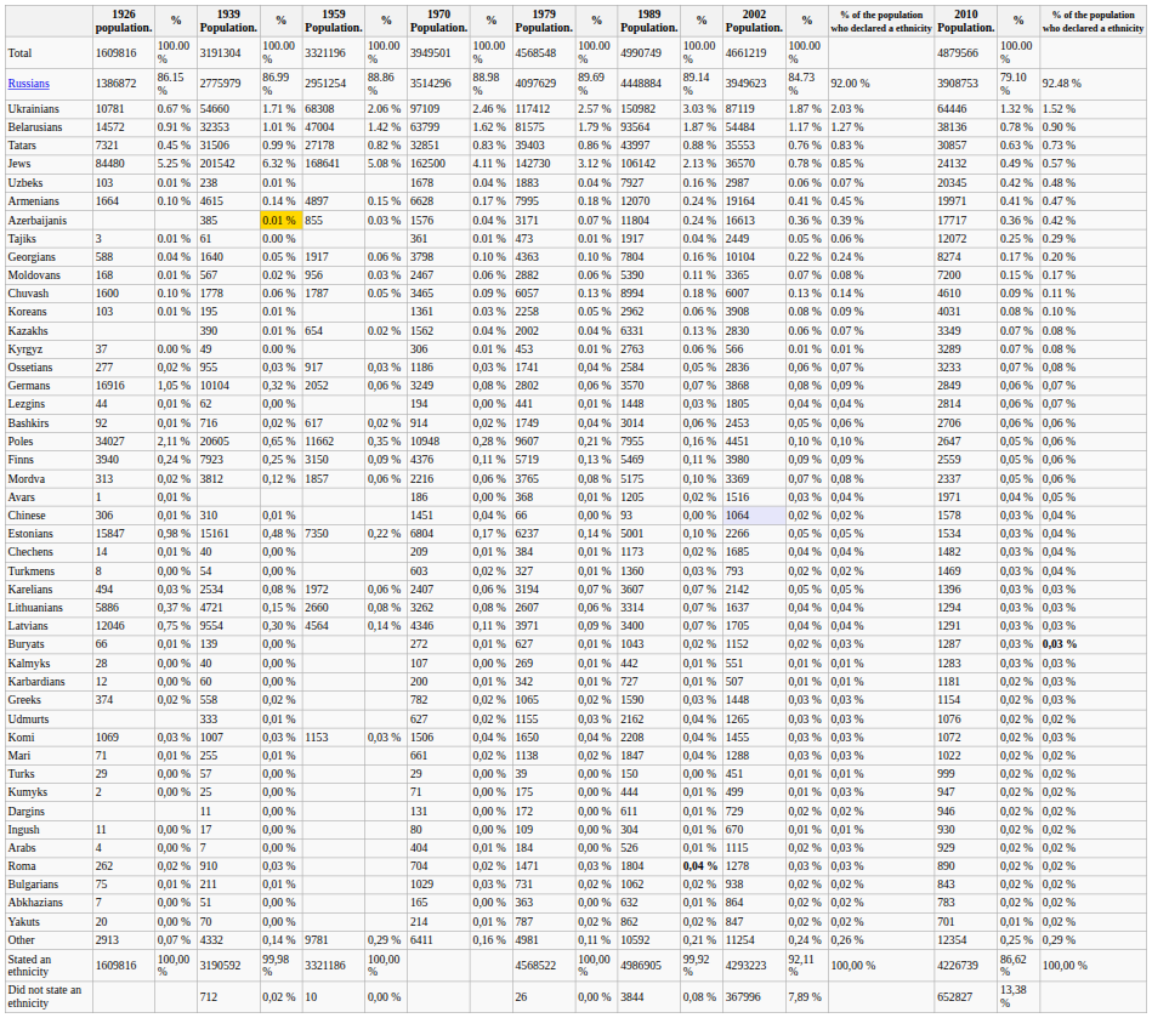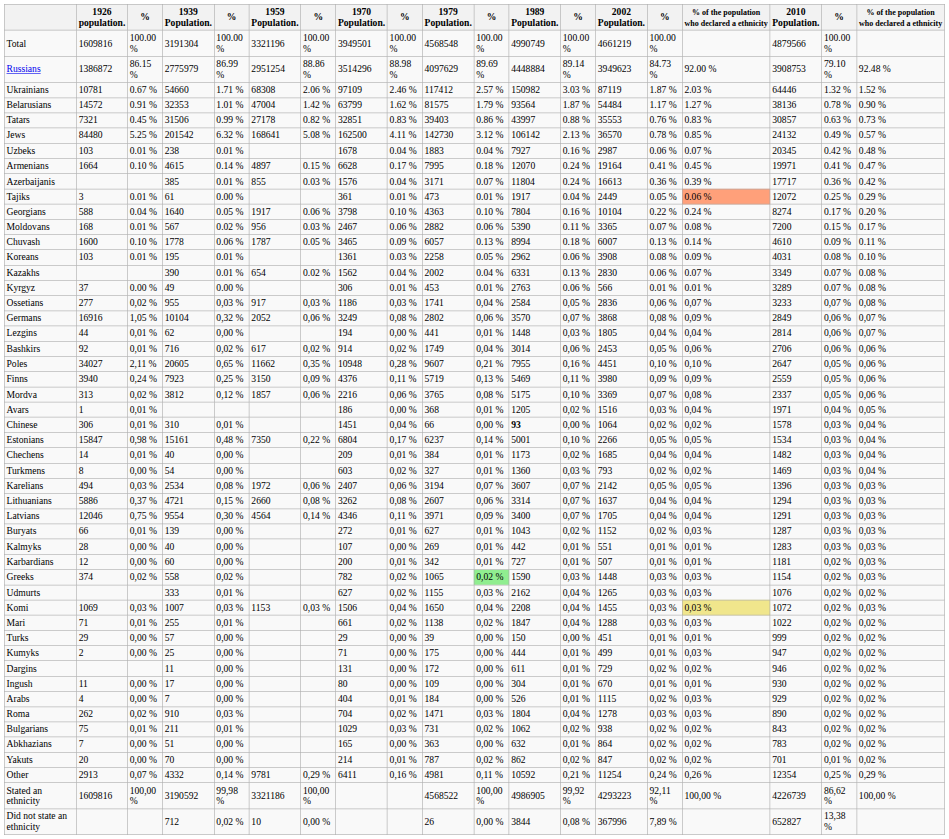 <table class="wikitable mw-collapsible mw-collapsed">
 <tr>
 <th></th>
 <th>1926<br> population.</th>
 <th>%</th>
 <th>1939<br> Population.</th>
 <th>%</th>
 <th>1959<br> Population.</th>
 <th>%</th>
 <th>1970<br> Population.</th>
 <th>%</th>
 <th>1979<br> Population.</th>
 <th>%</th>
 <th>1989<br>  Population.</th>
 <th>%</th>
 <th>2002<br> Population.</th>
 <th>%</th>
 <th><small>% of the population who declared a ethnicity</small></th>
 <th>2010<br>  Population.</th>
 <th>%</th>
 <th><small>% of the population who declared a ethnicity</small></th>
 </tr>
 <tr>
 <td>Total</td>
 <td>1609816</td>
 <td>100.00 %</td>
 <td>3191304</td>
 <td>100.00 %</td>
 <td>3321196</td>
 <td>100.00 %</td>
 <td>3949501</td>
 <td>100.00 %</td>
 <td>4568548</td>
 <td>100.00 %</td>
 <td>4990749</td>
 <td>100.00 %</td>
 <td>4661219</td>
 <td>100.00 %</td>
 <td></td>
 <td>4879566</td>
 <td>100.00 %</td>
 <td></td>
 </tr>
 <tr>
 <td><a href='#'>Russians</a></td>
 <td>1386872</td>
 <td>86.15 %</td>
 <td>2775979</td>
 <td>86.99 %</td>
 <td>2951254</td>
 <td>88.86 %</td>
 <td>3514296</td>
 <td>88.98 %</td>
 <td>4097629</td>
 <td>89.69 %</td>
 <td>4448884</td>
 <td>89.14 %</td>
 <td>3949623</td>
 <td>84.73 %</td>
 <td>92.00 %</td>
 <td>3908753</td>
 <td>79.10 %</td>
 <td>92.48 %</td>
 </tr>
 <tr>
 <td>Ukrainians</td>
 <td>10781</td>
 <td>0.67 %</td>
 <td>54660</td>
 <td>1.71 %</td>
 <td>68308</td>
 <td>2.06 %</td>
 <td>97109</td>
 <td>2.46 %</td>
 <td>117412</td>
 <td>2.57 %</td>
 <td>150982</td>
 <td>3.03 %</td>
 <td>87119</td>
 <td>1.87 %</td>
 <td>2.03 %</td>
 <td>64446</td>
 <td>1.32 %</td>
 <td>1.52 %</td>
 </tr>
 <tr>
 <td>Belarusians</td>
 <td>14572</td>
 <td>0.91 %</td>
 <td>32353</td>
 <td>1.01 %</td>
 <td>47004</td>
 <td>1.42 %</td>
 <td>63799</td>
 <td>1.62 %</td>
 <td>81575</td>
 <td>1.79 %</td>
 <td>93564</td>
 <td>1.87 %</td>
 <td>54484</td>
 <td>1.17 %</td>
 <td>1.27 %</td>
 <td>38136</td>
 <td>0.78 %</td>
 <td>0.90 %</td>
 </tr>
 <tr>
 <td>Tatars</td>
 <td>7321</td>
 <td>0.45 %</td>
 <td>31506</td>
 <td>0.99 %</td>
 <td>27178</td>
 <td>0.82 %</td>
 <td>32851</td>
 <td>0.83 %</td>
 <td>39403</td>
 <td>0.86 %</td>
 <td>43997</td>
 <td>0.88 %</td>
 <td>35553</td>
 <td>0.76 %</td>
 <td>0.83 %</td>
 <td>30857</td>
 <td>0.63 %</td>
 <td>0.73 %</td>
 </tr>
 <tr>
 <td>Jews</td>
 <td>84480</td>
 <td>5.25 %</td>
 <td>201542</td>
 <td>6.32 %</td>
 <td>168641</td>
 <td>5.08 %</td>
 <td>162500</td>
 <td>4.11 %</td>
 <td>142730</td>
 <td>3.12 %</td>
 <td>106142</td>
 <td>2.13 %</td>
 <td>36570</td>
 <td>0.78 %</td>
 <td>0.85 %</td>
 <td>24132</td>
 <td>0.49 %</td>
 <td>0.57 %</td>
 </tr>
 <tr>
 <td>Uzbeks</td>
 <td>103</td>
 <td>0.01 %</td>
 <td>238</td>
 <td>0.01 %</td>
 <td></td>
 <td></td>
 <td>1678</td>
 <td>0.04 %</td>
 <td>1883</td>
 <td>0.04 %</td>
 <td>7927</td>
 <td>0.16 %</td>
 <td>2987</td>
 <td>0.06 %</td>
 <td>0.07 %</td>
 <td>20345</td>
 <td>0.42 %</td>
 <td>0.48 %</td>
 </tr>
 <tr>
 <td>Armenians</td>
 <td>1664</td>
 <td>0.10 %</td>
 <td>4615</td>
 <td>0.14 %</td>
 <td>4897</td>
 <td>0.15 %</td>
 <td>6628</td>
 <td>0.17 %</td>
 <td>7995</td>
 <td>0.18 %</td>
 <td>12070</td>
 <td>0.24 %</td>
 <td>19164</td>
 <td>0.41 %</td>
 <td>0.45 %</td>
 <td>19971</td>
 <td>0.41 %</td>
 <td>0.47 %</td>
 </tr>
 <tr>
 <td>Azerbaijanis</td>
 <td></td>
 <td></td>
 <td>385</td>
-<td style="background: gold;">0.01 %</td>
+<td>0.01 %</td>
 <td>855</td>
 <td>0.03 %</td>
 <td>1576</td>
 <td>0.04 %</td>
 <td>3171</td>
 <td>0.07 %</td>
 <td>11804</td>
 <td>0.24 %</td>
 <td>16613</td>
 <td>0.36 %</td>
 <td>0.39 %</td>
 <td>17717</td>
 <td>0.36 %</td>
 <td>0.42 %</td>
 </tr>
 <tr>
 <td>Tajiks</td>
 <td>3</td>
 <td>0.01 %</td>
 <td>61</td>
 <td>0.00 %</td>
 <td></td>
 <td></td>
 <td>361</td>
 <td>0.01 %</td>
 <td>473</td>
 <td>0.01 %</td>
 <td>1917</td>
 <td>0.04 %</td>
 <td>2449</td>
 <td>0.05 %</td>
-<td>0.06 %</td>
+<td style="background: lightsalmon;">0.06 %</td>
 <td>12072</td>
 <td>0.25 %</td>
 <td>0.29 %</td>
 </tr>
 <tr>
 <td>Georgians</td>
 <td>588</td>
 <td>0.04 %</td>
 <td>1640</td>
 <td>0.05 %</td>
 <td>1917</td>
 <td>0.06 %</td>
 <td>3798</td>
 <td>0.10 %</td>
 <td>4363</td>
 <td>0.10 %</td>
 <td>7804</td>
 <td>0.16 %</td>
 <td>10104</td>
 <td>0.22 %</td>
 <td>0.24 %</td>
 <td>8274</td>
 <td>0.17 %</td>
 <td>0.20 %</td>
 </tr>
 <tr>
 <td>Moldovans</td>
 <td>168</td>
 <td>0.01 %</td>
 <td>567</td>
 <td>0.02 %</td>
 <td>956</td>
 <td>0.03 %</td>
 <td>2467</td>
 <td>0.06 %</td>
 <td>2882</td>
 <td>0.06 %</td>
 <td>5390</td>
 <td>0.11 %</td>
 <td>3365</td>
 <td>0.07 %</td>
 <td>0.08 %</td>
 <td>7200</td>
 <td>0.15 %</td>
 <td>0.17 %</td>
 </tr>
 <tr>
 <td>Chuvash</td>
 <td>1600</td>
 <td>0.10 %</td>
 <td>1778</td>
 <td>0.06 %</td>
 <td>1787</td>
 <td>0.05 %</td>
 <td>3465</td>
 <td>0.09 %</td>
 <td>6057</td>
 <td>0.13 %</td>
 <td>8994</td>
 <td>0.18 %</td>
 <td>6007</td>
 <td>0.13 %</td>
 <td>0.14 %</td>
 <td>4610</td>
 <td>0.09 %</td>
 <td>0.11 %</td>
 </tr>
 <tr>
 <td>Koreans</td>
 <td>103</td>
 <td>0.01 %</td>
 <td>195</td>
 <td>0.01 %</td>
 <td></td>
 <td></td>
 <td>1361</td>
 <td>0.03 %</td>
 <td>2258</td>
 <td>0.05 %</td>
 <td>2962</td>
 <td>0.06 %</td>
 <td>3908</td>
 <td>0.08 %</td>
 <td>0.09 %</td>
 <td>4031</td>
 <td>0.08 %</td>
 <td>0.10 %</td>
 </tr>
 <tr>
 <td>Kazakhs</td>
 <td></td>
 <td></td>
 <td>390</td>
 <td>0.01 %</td>
 <td>654</td>
 <td>0.02 %</td>
 <td>1562</td>
 <td>0.04 %</td>
 <td>2002</td>
 <td>0.04 %</td>
 <td>6331</td>
 <td>0.13 %</td>
 <td>2830</td>
 <td>0.06 %</td>
 <td>0.07 %</td>
 <td>3349</td>
 <td>0.07 %</td>
 <td>0.08 %</td>
 </tr>
 <tr>
 <td>Kyrgyz</td>
 <td>37</td>
 <td>0.00 %</td>
 <td>49</td>
 <td>0.00 %</td>
 <td></td>
 <td></td>
 <td>306</td>
 <td>0.01 %</td>
 <td>453</td>
 <td>0.01 %</td>
 <td>2763</td>
 <td>0.06 %</td>
 <td>566</td>
 <td>0.01 %</td>
 <td>0.01 %</td>
 <td>3289</td>
 <td>0.07 %</td>
 <td>0.08 %</td>
 </tr>
 <tr>
 <td>Ossetians</td>
 <td>277</td>
 <td>0,02 %</td>
 <td>955</td>
 <td>0,03 %</td>
 <td>917</td>
 <td>0,03 %</td>
 <td>1186</td>
 <td>0,03 %</td>
 <td>1741</td>
 <td>0,04 %</td>
 <td>2584</td>
 <td>0,05 %</td>
 <td>2836</td>
 <td>0,06 %</td>
 <td>0,07 %</td>
 <td>3233</td>
 <td>0,07 %</td>
 <td>0,08 %</td>
 </tr>
 <tr>
 <td>Germans</td>
 <td>16916</td>
 <td>1,05 %</td>
 <td>10104</td>
 <td>0,32 %</td>
 <td>2052</td>
 <td>0,06 %</td>
 <td>3249</td>
 <td>0,08 %</td>
 <td>2802</td>
 <td>0,06 %</td>
 <td>3570</td>
 <td>0,07 %</td>
 <td>3868</td>
 <td>0,08 %</td>
 <td>0,09 %</td>
 <td>2849</td>
 <td>0,06 %</td>
 <td>0,07 %</td>
 </tr>
 <tr>
 <td>Lezgins</td>
 <td>44</td>
 <td>0,01 %</td>
 <td>62</td>
 <td>0,00 %</td>
 <td></td>
 <td></td>
 <td>194</td>
 <td>0,00 %</td>
 <td>441</td>
 <td>0,01 %</td>
 <td>1448</td>
 <td>0,03 %</td>
 <td>1805</td>
 <td>0,04 %</td>
 <td>0,04 %</td>
 <td>2814</td>
 <td>0,06 %</td>
 <td>0,07 %</td>
 </tr>
 <tr>
 <td>Bashkirs</td>
 <td>92</td>
 <td>0,01 %</td>
 <td>716</td>
 <td>0,02 %</td>
 <td>617</td>
 <td>0,02 %</td>
 <td>914</td>
 <td>0,02 %</td>
 <td>1749</td>
 <td>0,04 %</td>
 <td>3014</td>
 <td>0,06 %</td>
 <td>2453</td>
 <td>0,05 %</td>
 <td>0,06 %</td>
 <td>2706</td>
 <td>0,06 %</td>
 <td>0,06 %</td>
 </tr>
 <tr>
 <td>Poles</td>
 <td>34027</td>
 <td>2,11 %</td>
 <td>20605</td>
 <td>0,65 %</td>
 <td>11662</td>
 <td>0,35 %</td>
 <td>10948</td>
 <td>0,28 %</td>
 <td>9607</td>
 <td>0,21 %</td>
 <td>7955</td>
 <td>0,16 %</td>
 <td>4451</td>
 <td>0,10 %</td>
 <td>0,10 %</td>
 <td>2647</td>
 <td>0,05 %</td>
 <td>0,06 %</td>
 </tr>
 <tr>
 <td>Finns</td>
 <td>3940</td>
 <td>0,24 %</td>
 <td>7923</td>
 <td>0,25 %</td>
 <td>3150</td>
 <td>0,09 %</td>
 <td>4376</td>
 <td>0,11 %</td>
 <td>5719</td>
 <td>0,13 %</td>
 <td>5469</td>
 <td>0,11 %</td>
 <td>3980</td>
 <td>0,09 %</td>
 <td>0,09 %</td>
 <td>2559</td>
 <td>0,05 %</td>
 <td>0,06 %</td>
 </tr>
 <tr>
 <td>Mordva</td>
 <td>313</td>
 <td>0,02 %</td>
 <td>3812</td>
 <td>0,12 %</td>
 <td>1857</td>
 <td>0,06 %</td>
 <td>2216</td>
 <td>0,06 %</td>
 <td>3765</td>
 <td>0,08 %</td>
 <td>5175</td>
 <td>0,10 %</td>
 <td>3369</td>
 <td>0,07 %</td>
 <td>0,08 %</td>
 <td>2337</td>
 <td>0,05 %</td>
 <td>0,06 %</td>
 </tr>
 <tr>
 <td>Avars</td>
 <td>1</td>
 <td>0,01 %</td>
 <td></td>
 <td></td>
 <td></td>
 <td></td>
 <td>186</td>
 <td>0,00 %</td>
 <td>368</td>
 <td>0,01 %</td>
 <td>1205</td>
 <td>0,02 %</td>
 <td>1516</td>
 <td>0,03 %</td>
 <td>0,04 %</td>
 <td>1971</td>
 <td>0,04 %</td>
 <td>0,05 %</td>
 </tr>
 <tr>
 <td>Chinese</td>
 <td>306</td>
 <td>0,01 %</td>
 <td>310</td>
 <td>0,01 %</td>
 <td></td>
 <td></td>
 <td>1451</td>
 <td>0,04 %</td>
 <td>66</td>
 <td>0,00 %</td>
-<td>93</td>
+<td><strong>93</strong></td>
 <td>0,00 %</td>
-<td style="background: lavender;">1064</td>
+<td>1064</td>
 <td>0,02 %</td>
 <td>0,02 %</td>
 <td>1578</td>
 <td>0,03 %</td>
 <td>0,04 %</td>
 </tr>
 <tr>
 <td>Estonians</td>
 <td>15847</td>
 <td>0,98 %</td>
 <td>15161</td>
 <td>0,48 %</td>
 <td>7350</td>
 <td>0,22 %</td>
 <td>6804</td>
 <td>0,17 %</td>
 <td>6237</td>
 <td>0,14 %</td>
 <td>5001</td>
 <td>0,10 %</td>
 <td>2266</td>
 <td>0,05 %</td>
 <td>0,05 %</td>
 <td>1534</td>
 <td>0,03 %</td>
 <td>0,04 %</td>
 </tr>
 <tr>
 <td>Chechens</td>
 <td>14</td>
 <td>0,01 %</td>
 <td>40</td>
 <td>0,00 %</td>
 <td></td>
 <td></td>
 <td>209</td>
 <td>0,01 %</td>
 <td>384</td>
 <td>0,01 %</td>
 <td>1173</td>
 <td>0,02 %</td>
 <td>1685</td>
 <td>0,04 %</td>
 <td>0,04 %</td>
 <td>1482</td>
 <td>0,03 %</td>
 <td>0,04 %</td>
 </tr>
 <tr>
 <td>Turkmens</td>
 <td>8</td>
 <td>0,00 %</td>
 <td>54</td>
 <td>0,00 %</td>
 <td></td>
 <td></td>
 <td>603</td>
 <td>0,02 %</td>
 <td>327</td>
 <td>0,01 %</td>
 <td>1360</td>
 <td>0,03 %</td>
 <td>793</td>
 <td>0,02 %</td>
 <td>0,02 %</td>
 <td>1469</td>
 <td>0,03 %</td>
 <td>0,04 %</td>
 </tr>
 <tr>
 <td>Karelians</td>
 <td>494</td>
 <td>0,03 %</td>
 <td>2534</td>
 <td>0,08 %</td>
 <td>1972</td>
 <td>0,06 %</td>
 <td>2407</td>
 <td>0,06 %</td>
 <td>3194</td>
 <td>0,07 %</td>
 <td>3607</td>
 <td>0,07 %</td>
 <td>2142</td>
 <td>0,05 %</td>
 <td>0,05 %</td>
 <td>1396</td>
 <td>0,03 %</td>
 <td>0,03 %</td>
 </tr>
 <tr>
 <td>Lithuanians</td>
 <td>5886</td>
 <td>0,37 %</td>
 <td>4721</td>
 <td>0,15 %</td>
 <td>2660</td>
 <td>0,08 %</td>
 <td>3262</td>
 <td>0,08 %</td>
 <td>2607</td>
 <td>0,06 %</td>
 <td>3314</td>
 <td>0,07 %</td>
 <td>1637</td>
 <td>0,04 %</td>
 <td>0,04 %</td>
 <td>1294</td>
 <td>0,03 %</td>
 <td>0,03 %</td>
 </tr>
 <tr>
 <td>Latvians</td>
 <td>12046</td>
 <td>0,75 %</td>
 <td>9554</td>
 <td>0,30 %</td>
 <td>4564</td>
 <td>0,14 %</td>
 <td>4346</td>
 <td>0,11 %</td>
 <td>3971</td>
 <td>0,09 %</td>
 <td>3400</td>
 <td>0,07 %</td>
 <td>1705</td>
 <td>0,04 %</td>
 <td>0,04 %</td>
 <td>1291</td>
 <td>0,03 %</td>
 <td>0,03 %</td>
 </tr>
 <tr>
 <td>Buryats</td>
 <td>66</td>
 <td>0,01 %</td>
 <td>139</td>
 <td>0,00 %</td>
 <td></td>
 <td></td>
 <td>272</td>
 <td>0,01 %</td>
 <td>627</td>
 <td>0,01 %</td>
 <td>1043</td>
 <td>0,02 %</td>
 <td>1152</td>
 <td>0,02 %</td>
 <td>0,03 %</td>
 <td>1287</td>
 <td>0,03 %</td>
-<td><strong>0,03 %</strong></td>
+<td>0,03 %</td>
 </tr>
 <tr>
 <td>Kalmyks</td>
 <td>28</td>
 <td>0,00 %</td>
 <td>40</td>
 <td>0,00 %</td>
 <td></td>
 <td></td>
 <td>107</td>
 <td>0,00 %</td>
 <td>269</td>
 <td>0,01 %</td>
 <td>442</td>
 <td>0,01 %</td>
 <td>551</td>
 <td>0,01 %</td>
 <td>0,01 %</td>
 <td>1283</td>
 <td>0,03 %</td>
 <td>0,03 %</td>
 </tr>
 <tr>
 <td>Karbardians</td>
 <td>12</td>
 <td>0,00 %</td>
 <td>60</td>
 <td>0,00 %</td>
 <td></td>
 <td></td>
 <td>200</td>
 <td>0,01 %</td>
 <td>342</td>
 <td>0,01 %</td>
 <td>727</td>
 <td>0,01 %</td>
 <td>507</td>
 <td>0,01 %</td>
 <td>0,01 %</td>
 <td>1181</td>
 <td>0,02 %</td>
 <td>0,03 %</td>
 </tr>
 <tr>
 <td>Greeks</td>
 <td>374</td>
 <td>0,02 %</td>
 <td>558</td>
 <td>0,02 %</td>
 <td></td>
 <td></td>
 <td>782</td>
 <td>0,02 %</td>
 <td>1065</td>
-<td>0,02 %</td>
+<td style="background: lightgreen;">0,02 %</td>
 <td>1590</td>
 <td>0,03 %</td>
 <td>1448</td>
 <td>0,03 %</td>
 <td>0,03 %</td>
 <td>1154</td>
 <td>0,02 %</td>
 <td>0,03 %</td>
 </tr>
 <tr>
 <td>Udmurts</td>
 <td></td>
 <td></td>
 <td>333</td>
 <td>0,01 %</td>
 <td></td>
 <td></td>
 <td>627</td>
 <td>0,02 %</td>
 <td>1155</td>
 <td>0,03 %</td>
 <td>2162</td>
 <td>0,04 %</td>
 <td>1265</td>
 <td>0,03 %</td>
 <td>0,03 %</td>
 <td>1076</td>
 <td>0,02 %</td>
 <td>0,02 %</td>
 </tr>
 <tr>
 <td>Komi</td>
 <td>1069</td>
 <td>0,03 %</td>
 <td>1007</td>
 <td>0,03 %</td>
 <td>1153</td>
 <td>0,03 %</td>
 <td>1506</td>
 <td>0,04 %</td>
 <td>1650</td>
 <td>0,04 %</td>
 <td>2208</td>
 <td>0,04 %</td>
 <td>1455</td>
 <td>0,03 %</td>
-<td>0,03 %</td>
+<td style="background: khaki;">0,03 %</td>
 <td>1072</td>
 <td>0,02 %</td>
 <td>0,03 %</td>
 </tr>
 <tr>
 <td>Mari</td>
 <td>71</td>
 <td>0,01 %</td>
 <td>255</td>
 <td>0,01 %</td>
 <td></td>
 <td></td>
 <td>661</td>
 <td>0,02 %</td>
 <td>1138</td>
 <td>0,02 %</td>
 <td>1847</td>
 <td>0,04 %</td>
 <td>1288</td>
 <td>0,03 %</td>
 <td>0,03 %</td>
 <td>1022</td>
 <td>0,02 %</td>
 <td>0,02 %</td>
 </tr>
 <tr>
 <td>Turks</td>
 <td>29</td>
 <td>0,00 %</td>
 <td>57</td>
 <td>0,00 %</td>
 <td></td>
 <td></td>
 <td>29</td>
 <td>0,00 %</td>
 <td>39</td>
 <td>0,00 %</td>
 <td>150</td>
 <td>0,00 %</td>
 <td>451</td>
 <td>0,01 %</td>
 <td>0,01 %</td>
 <td>999</td>
 <td>0,02 %</td>
 <td>0,02 %</td>
 </tr>
 <tr>
 <td>Kumyks</td>
 <td>2</td>
 <td>0,00 %</td>
 <td>25</td>
 <td>0,00 %</td>
 <td></td>
 <td></td>
 <td>71</td>
 <td>0,00 %</td>
 <td>175</td>
 <td>0,00 %</td>
 <td>444</td>
 <td>0,01 %</td>
 <td>499</td>
 <td>0,01 %</td>
 <td>0,03 %</td>
 <td>947</td>
 <td>0,02 %</td>
 <td>0,02 %</td>
 </tr>
 <tr>
 <td>Dargins</td>
 <td></td>
 <td></td>
 <td>11</td>
 <td>0,00 %</td>
 <td></td>
 <td></td>
 <td>131</td>
 <td>0,00 %</td>
 <td>172</td>
 <td>0,00 %</td>
 <td>611</td>
 <td>0,01 %</td>
 <td>729</td>
 <td>0,02 %</td>
 <td>0,02 %</td>
 <td>946</td>
 <td>0,02 %</td>
 <td>0,02 %</td>
 </tr>
 <tr>
 <td>Ingush</td>
 <td>11</td>
 <td>0,00 %</td>
 <td>17</td>
 <td>0,00 %</td>
 <td></td>
 <td></td>
 <td>80</td>
 <td>0,00 %</td>
 <td>109</td>
 <td>0,00 %</td>
 <td>304</td>
 <td>0,01 %</td>
 <td>670</td>
 <td>0,01 %</td>
 <td>0,01 %</td>
 <td>930</td>
 <td>0,02 %</td>
 <td>0,02 %</td>
 </tr>
 <tr>
 <td>Arabs</td>
 <td>4</td>
 <td>0,00 %</td>
 <td>7</td>
 <td>0,00 %</td>
 <td></td>
 <td></td>
 <td>404</td>
 <td>0,01 %</td>
 <td>184</td>
 <td>0,00 %</td>
 <td>526</td>
 <td>0,01 %</td>
 <td>1115</td>
 <td>0,02 %</td>
 <td>0,03 %</td>
 <td>929</td>
 <td>0,02 %</td>
 <td>0,02 %</td>
 </tr>
 <tr>
 <td>Roma</td>
 <td>262</td>
 <td>0,02 %</td>
 <td>910</td>
 <td>0,03 %</td>
 <td></td>
 <td></td>
 <td>704</td>
 <td>0,02 %</td>
 <td>1471</td>
 <td>0,03 %</td>
 <td>1804</td>
-<td><strong>0,04 %</strong></td>
+<td>0,04 %</td>
 <td>1278</td>
 <td>0,03 %</td>
 <td>0,03 %</td>
 <td>890</td>
 <td>0,02 %</td>
 <td>0,02 %</td>
 </tr>
 <tr>
 <td>Bulgarians</td>
 <td>75</td>
 <td>0,01 %</td>
 <td>211</td>
 <td>0,01 %</td>
 <td></td>
 <td></td>
 <td>1029</td>
 <td>0,03 %</td>
 <td>731</td>
 <td>0,02 %</td>
 <td>1062</td>
 <td>0,02 %</td>
 <td>938</td>
 <td>0,02 %</td>
 <td>0,02 %</td>
 <td>843</td>
 <td>0,02 %</td>
 <td>0,02 %</td>
 </tr>
 <tr>
 <td>Abkhazians</td>
 <td>7</td>
 <td>0,00 %</td>
 <td>51</td>
 <td>0,00 %</td>
 <td></td>
 <td></td>
 <td>165</td>
 <td>0,00 %</td>
 <td>363</td>
 <td>0,00 %</td>
 <td>632</td>
 <td>0,01 %</td>
 <td>864</td>
 <td>0,02 %</td>
 <td>0,02 %</td>
 <td>783</td>
 <td>0,02 %</td>
 <td>0,02 %</td>
 </tr>
 <tr>
 <td>Yakuts</td>
 <td>20</td>
 <td>0,00 %</td>
 <td>70</td>
 <td>0,00 %</td>
 <td></td>
 <td></td>
 <td>214</td>
 <td>0,01 %</td>
 <td>787</td>
 <td>0,02 %</td>
 <td>862</td>
 <td>0,02 %</td>
 <td>847</td>
 <td>0,02 %</td>
 <td>0,02 %</td>
 <td>701</td>
 <td>0,01 %</td>
 <td>0,02 %</td>
 </tr>
 <tr>
 <td>Other</td>
 <td>2913</td>
 <td>0,07 %</td>
 <td>4332</td>
 <td>0,14 %</td>
 <td>9781</td>
 <td>0,29 %</td>
 <td>6411</td>
 <td>0,16 %</td>
 <td>4981</td>
 <td>0,11 %</td>
 <td>10592</td>
 <td>0,21 %</td>
 <td>11254</td>
 <td>0,24 %</td>
 <td>0,26 %</td>
 <td>12354</td>
 <td>0,25 %</td>
 <td>0,29 %</td>
 </tr>
 <tr>
 <td>Stated an ethnicity</td>
 <td>1609816</td>
 <td>100,00 %</td>
 <td>3190592</td>
 <td>99,98 %</td>
 <td>3321186</td>
 <td>100,00 %</td>
 <td></td>
 <td></td>
 <td>4568522</td>
 <td>100,00 %</td>
 <td>4986905</td>
 <td>99,92 %</td>
 <td>4293223</td>
 <td>92,11 %</td>
 <td>100,00 %</td>
 <td>4226739</td>
 <td>86,62 %</td>
 <td>100,00 %</td>
 </tr>
 <tr>
 <td>Did not state an ethnicity</td>
 <td></td>
 <td></td>
 <td>712</td>
 <td>0,02 %</td>
 <td>10</td>
 <td>0,00 %</td>
 <td></td>
 <td></td>
 <td>26</td>
 <td>0,00 %</td>
 <td>3844</td>
 <td>0,08 %</td>
 <td>367996</td>
 <td>7,89 %</td>
 <td></td>
 <td>652827</td>
 <td>13,38 %</td>
 <td></td>
 </tr>
 </table>
